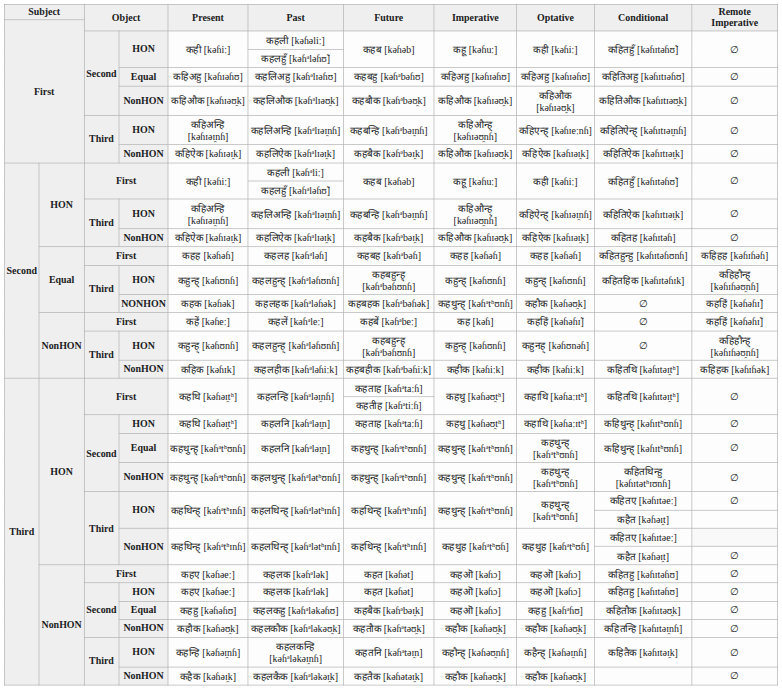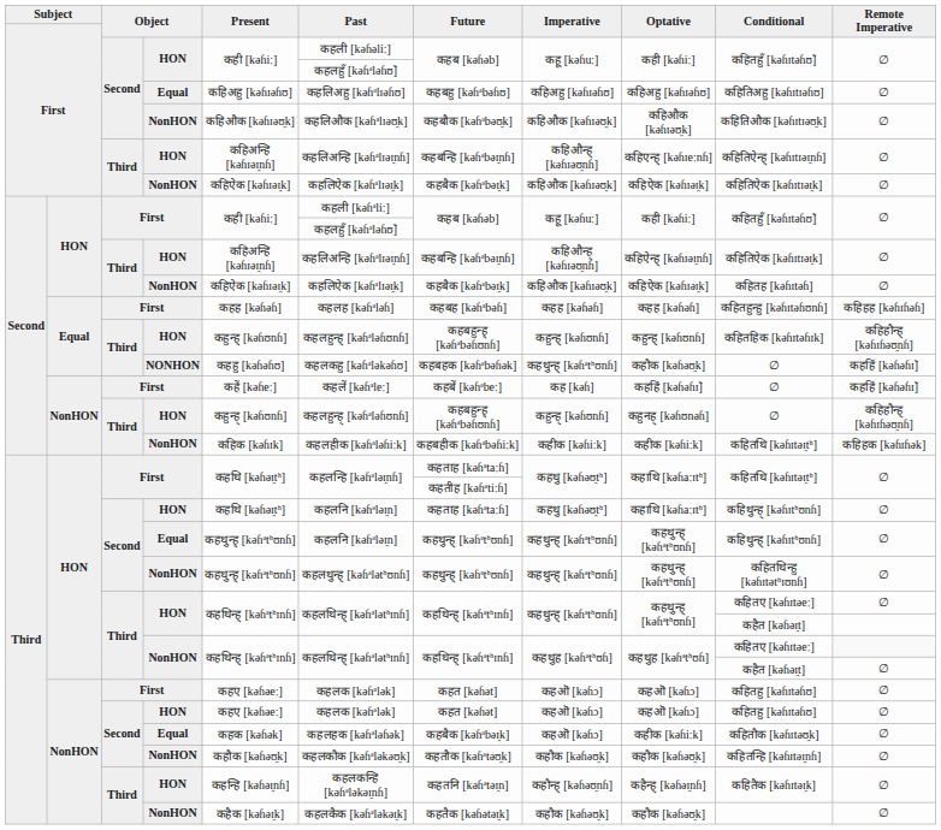 <table class="wikitable" style="text-align:center;">
 <tr style="font-weight:bold;">
 <th colspan="2" style="vertical-align:middle; background-color:#efefef; color:#202122;">Subject</th>
 <th rowspan="2" colspan="2" style="vertical-align:middle; background-color:#efefef; color:#202122;">Object</th>
 <th rowspan="2" style="vertical-align:middle; background-color:#efefef; color:#202122;">Present</th>
 <th rowspan="2" style="vertical-align:middle; background-color:#efefef; color:#202122;">Past</th>
 <th rowspan="2" style="vertical-align:middle; background-color:#efefef; color:#202122;">Future</th>
 <th rowspan="2" style="vertical-align:middle; background-color:#efefef; color:#202122;">Imperative</th>
 <th rowspan="2" style="vertical-align:middle; background-color:#efefef; color:#202122;">Optative</th>
 <th rowspan="2" style="vertical-align:middle; background-color:#efefef; color:#202122;">Conditional</th>
 <th rowspan="2" style="vertical-align:middle; background-color:#efefef; color:#202122;">Remote Imperative</th>
 </tr>
 <tr style="font-weight:bold;">
 <td rowspan="7" colspan="2" style="vertical-align:middle; background-color:#efefef; color:#202122;">First</td>
 </tr>
 <tr>
 <td rowspan="4" style="vertical-align:middle; font-weight:bold; background-color:#efefef; color:#202122;">Second</td>
 <td rowspan="2" style="vertical-align:middle; font-weight:bold; background-color:#efefef; color:#202122;">HON</td>
 <td rowspan="2" style="background-color:#FDFDFD; color:#202122;">कही [kəɦiː]</td>
 <td style="background-color:#FDFDFD; color:#202122;">कहली [kəɦəliː]</td>
 <td rowspan="2" style="background-color:#FDFDFD; color:#202122;">कहब [kəɦəb]</td>
 <td rowspan="2" style="background-color:#FDFDFD; color:#202122;">कहू [kəɦuː]</td>
 <td rowspan="2" style="background-color:#FDFDFD; color:#202122;">कही [kəɦiː]</td>
 <td rowspan="2" style="background-color:#FDFDFD; color:#202122;">कहितहुँ [kəɦɪtəɦʊ̃]</td>
 <td rowspan="2" style="vertical-align:middle; background-color:#FDFDFD; color:#202122;">∅</td>
 </tr>
 <tr>
 <td style="background-color:#FDFDFD; color:#202122;">कहलहुँ [kəɦᵊləɦʊ̃]</td>
 </tr>
 <tr>
 <td style="vertical-align:middle; font-weight:bold; background-color:#efefef; color:#202122;">Equal</td>
 <td style="background-color:#FDFDFD; color:#202122;">कहिअहु [kəɦɪəɦʊ]</td>
 <td style="background-color:#FDFDFD; color:#202122;">कहलिअहु [kəɦᵊlɪəɦʊ]</td>
 <td style="background-color:#FDFDFD; color:#202122;">कहबहु [kəɦᵊbəɦʊ]</td>
 <td style="background-color:#FDFDFD; color:#202122;">कहिअहु [kəɦɪəɦʊ]</td>
 <td style="background-color:#FDFDFD; color:#202122;">कहिअहु [kəɦɪəɦʊ]</td>
 <td style="background-color:#FDFDFD; color:#202122;">कहितिअहु [kəɦɪtɪəɦʊ]</td>
 <td style="vertical-align:middle; background-color:#FDFDFD; color:#202122;">∅</td>
 </tr>
 <tr>
 <td style="vertical-align:middle; font-weight:bold; background-color:#efefef; color:#202122;">NonHON</td>
 <td style="background-color:#FDFDFD; color:#202122;">कहिऔक [kəɦɪəʊ̯k]</td>
 <td style="background-color:#FDFDFD; color:#202122;">कहलिऔक [kəɦᵊlɪəʊ̯k]</td>
 <td style="background-color:#FDFDFD; color:#202122;">कहबौक [kəɦᵊbəʊ̯k]</td>
 <td style="background-color:#FDFDFD; color:#202122;">कहिऔक [kəɦɪəʊ̯k]</td>
 <td style="background-color:#FDFDFD; color:#202122;">कहिऔक [kəɦɪəʊ̯k]</td>
 <td style="background-color:#FDFDFD; color:#202122;">कहितिऔक [kəɦɪtɪəʊ̯k]</td>
 <td style="vertical-align:middle; background-color:#FDFDFD; color:#202122;">∅</td>
 </tr>
 <tr>
 <td rowspan="2" style="vertical-align:middle; font-weight:bold; background-color:#efefef; color:#202122;">Third</td>
 <td style="vertical-align:middle; font-weight:bold; background-color:#efefef; color:#202122;">HON</td>
 <td style="background-color:#FDFDFD; color:#202122;">कहिअन्हि [kəɦɪəɪ̯nɦ]</td>
 <td style="background-color:#FDFDFD; color:#202122;">कहलिअन्हि [kəɦᵊlɪəɪ̯nɦ]</td>
 <td style="background-color:#FDFDFD; color:#202122;">कहबन्हि [kəɦᵊbəɪ̯nɦ]</td>
 <td style="background-color:#FDFDFD; color:#202122;">कहिऔन्ह् [kəɦɪəʊ̯nɦ]</td>
 <td style="background-color:#FDFDFD; color:#202122;">कहिएन्ह् [kəɦɪeːnɦ]</td>
 <td style="background-color:#FDFDFD; color:#202122;">कहितिऐन्ह् [kəɦɪtɪəɪ̯nɦ]</td>
 <td style="vertical-align:middle; background-color:#FDFDFD; color:#202122;">∅</td>
 </tr>
 <tr>
 <td style="vertical-align:middle; font-weight:bold; background-color:#efefef; color:#202122;">NonHON</td>
 <td style="background-color:#FDFDFD; color:#202122;">कहिऐक [kəɦɪəɪ̯k]</td>
 <td style="background-color:#FDFDFD; color:#202122;">कहलिऐक [kəɦᵊlɪəɪ̯k]</td>
 <td style="background-color:#FDFDFD; color:#202122;">कहबैक [kəɦᵊbəɪ̯k]</td>
 <td style="background-color:#FDFDFD; color:#202122;">कहिऔक [kəɦɪəʊ̯k]</td>
 <td style="background-color:#FDFDFD; color:#202122;">कहिऐक [kəɦɪəɪ̯k]</td>
 <td style="background-color:#FDFDFD; color:#202122;">कहितिऐक [kəɦɪtɪəɪ̯k]</td>
 <td style="vertical-align:middle; background-color:#FDFDFD; color:#202122;">∅</td>
 </tr>
 <tr>
 <td rowspan="10" style="vertical-align:middle; font-weight:bold; background-color:#efefef; color:#202122;">Second</td>
 <td rowspan="4" style="vertical-align:middle; font-weight:bold; background-color:#efefef; color:#202122;">HON</td>
 <td rowspan="2" colspan="2" style="vertical-align:middle; font-weight:bold; background-color:#efefef; color:#202122;">First</td>
 <td rowspan="2" style="background-color:#FDFDFD; color:#202122;">कही [kəɦiː]</td>
 <td style="background-color:#FDFDFD; color:#202122;">कहली [kəɦᵊliː]</td>
 <td rowspan="2" style="background-color:#FDFDFD; color:#202122;">कहब [kəɦəb]</td>
 <td rowspan="2" style="background-color:#FDFDFD; color:#202122;">कहू [kəɦuː]</td>
 <td rowspan="2" style="background-color:#FDFDFD; color:#202122;">कही [kəɦiː]</td>
 <td rowspan="2" style="background-color:#FDFDFD; color:#202122;">कहितहुँ [kəɦɪtəɦʊ̃]</td>
 <td rowspan="2" style="vertical-align:middle; background-color:#FDFDFD; color:#202122;">∅</td>
 </tr>
 <tr>
 <td style="background-color:#FDFDFD; color:#202122;">कहलहुँ [kəɦᵊləɦʊ̃]</td>
 </tr>
 <tr>
 <td rowspan="2" style="vertical-align:middle; font-weight:bold; background-color:#efefef; color:#202122;">Third</td>
 <td style="vertical-align:middle; font-weight:bold; background-color:#efefef; color:#202122;">HON</td>
 <td style="background-color:#FDFDFD; color:#202122;">कहिअन्हि [kəɦɪəɪ̯nɦ]</td>
 <td style="background-color:#FDFDFD; color:#202122;">कहलिअन्हि [kəɦᵊlɪəɪ̯nɦ]</td>
 <td style="background-color:#FDFDFD; color:#202122;">कहबन्हि [kəɦᵊbəɪ̯nɦ]</td>
 <td style="background-color:#FDFDFD; color:#202122;">कहिऔन्ह् [kəɦɪəʊ̯nɦ]</td>
 <td style="background-color:#FDFDFD; color:#202122;">कहिऐन्ह् [kəɦɪəɪ̯nɦ]</td>
 <td style="background-color:#FDFDFD; color:#202122;">कहितिऐक [kəɦɪtɪəɪ̯k]</td>
 <td style="vertical-align:middle; background-color:#FDFDFD; color:#202122;">∅</td>
 </tr>
 <tr>
 <td style="vertical-align:middle; font-weight:bold; background-color:#efefef; color:#202122;">NonHON</td>
 <td style="background-color:#FDFDFD; color:#202122;">कहिऐक [kəɦɪəɪ̯k]</td>
 <td style="background-color:#FDFDFD; color:#202122;">कहलिऐक [kəɦᵊlɪəɪ̯k]</td>
 <td style="background-color:#FDFDFD; color:#202122;">कहबैक [kəɦᵊbəɪ̯k]</td>
 <td style="background-color:#FDFDFD; color:#202122;">कहिऔक [kəɦɪəʊ̯k]</td>
 <td style="background-color:#FDFDFD; color:#202122;">कहिऐक [kəɦɪəɪ̯k]</td>
 <td style="background-color:#FDFDFD; color:#202122;">कहितह [kəɦɪtəɦ]</td>
 <td style="vertical-align:middle; background-color:#FDFDFD; color:#202122;">∅</td>
 </tr>
 <tr>
 <td rowspan="3" style="vertical-align:middle; font-weight:bold; background-color:#efefef; color:#202122;">Equal</td>
 <td colspan="2" style="vertical-align:middle; font-weight:bold; background-color:#efefef; color:#202122;">First</td>
 <td style="background-color:#FDFDFD; color:#202122;">कहह [kəɦəɦ]</td>
 <td style="background-color:#FDFDFD; color:#202122;">कहलह [kəɦᵊləɦ]</td>
 <td style="background-color:#FDFDFD; color:#202122;">कहबह [kəɦᵊbəɦ]</td>
 <td style="background-color:#FDFDFD; color:#202122;">कहह [kəɦəɦ]</td>
 <td style="background-color:#FDFDFD; color:#202122;">कहह [kəɦəɦ]</td>
 <td style="background-color:#FDFDFD; color:#202122;">कहितहुन्हु [kəɦɪtəɦʊnɦ]</td>
 <td style="background-color:#FDFDFD; color:#202122;">कहिहह [kəɦɪɦəɦ]</td>
 </tr>
 <tr>
 <td rowspan="2" style="vertical-align:middle; font-weight:bold; background-color:#efefef; color:#202122;">Third</td>
 <td style="vertical-align:middle; font-weight:bold; background-color:#efefef; color:#202122;">HON</td>
 <td style="background-color:#FDFDFD; color:#202122;">कहुन्ह् [kəɦʊnɦ]</td>
 <td style="background-color:#FDFDFD; color:#202122;">कहलहुन्ह् [kəɦᵊləɦʊnɦ]</td>
 <td style="background-color:#FDFDFD; color:#202122;">कहबहुन्ह् [kəɦᵊbəɦʊnɦ]</td>
 <td style="background-color:#FDFDFD; color:#202122;">कहुन्ह् [kəɦʊnɦ]</td>
 <td style="background-color:#FDFDFD; color:#202122;">कहुन्ह् [kəɦʊnɦ]</td>
 <td style="background-color:#FDFDFD; color:#202122;">कहितहिक [kəɦɪtəɦɪk]</td>
 <td style="background-color:#FDFDFD; color:#202122;">कहिहौन्ह् [kəɦɪɦəʊ̯nɦ]</td>
 </tr>
 <tr>
 <td style="vertical-align:middle; font-weight:bold; background-color:#efefef; color:#202122;">NONHON</td>
-<td style="background-color:#FDFDFD; color:#202122;">कहक [kəɦək]</td>
-<td style="background-color:#FDFDFD; color:#202122;">कहलहक [kəɦᵊləɦək]</td>
+<td style="background-color:#FDFDFD; color:#202122;">कहहु [kəɦəɦʊ]</td>
+<td style="background-color:#FDFDFD; color:#202122;">कहलकहु [kəɦᵊləkəɦʊ]</td>
 <td style="background-color:#FDFDFD; color:#202122;">कहबहक [kəɦᵊbəɦək]</td>
 <td style="background-color:#FDFDFD; color:#202122;">कहथुन्ह् [kəɦᵊtʰʊnɦ]</td>
 <td style="background-color:#FDFDFD; color:#202122;">कहौक [kəɦəʊ̯k]</td>
 <td style="vertical-align:middle; background-color:#FDFDFD; color:#202122;">∅</td>
 <td style="background-color:#FDFDFD; color:#202122;">कह‍हिं [kəɦəɦɪ̃]</td>
 </tr>
 <tr>
 <td rowspan="3" style="vertical-align:middle; font-weight:bold; background-color:#efefef; color:#202122;">NonHON</td>
 <td colspan="2" style="vertical-align:middle; font-weight:bold; background-color:#efefef; color:#202122;">First</td>
 <td style="background-color:#FDFDFD; color:#202122;">कहें [kəɦeː]</td>
 <td style="background-color:#FDFDFD; color:#202122;">कहलें [kəɦᵊleː]</td>
 <td style="background-color:#FDFDFD; color:#202122;">कहबें [kəɦᵊbeː]</td>
 <td style="background-color:#FDFDFD; color:#202122;">कह [kəɦ]</td>
 <td style="background-color:#FDFDFD; color:#202122;">कह‍हिं [kəɦəɦɪ̃]</td>
 <td style="vertical-align:middle; background-color:#FDFDFD; color:#202122;">∅</td>
 <td style="background-color:#FDFDFD; color:#202122;">कह‍हिं [kəɦəɦɪ̃]</td>
 </tr>
 <tr>
 <td rowspan="2" style="vertical-align:middle; font-weight:bold; background-color:#efefef; color:#202122;">Third</td>
 <td style="vertical-align:middle; font-weight:bold; background-color:#efefef; color:#202122;">HON</td>
 <td style="background-color:#FDFDFD; color:#202122;">कहुन्ह् [kəɦʊnɦ]</td>
 <td style="background-color:#FDFDFD; color:#202122;">कहलहुन्ह् [kəɦᵊləɦʊnɦ]</td>
 <td style="background-color:#FDFDFD; color:#202122;">कहबहुन्ह् [kəɦᵊbəɦʊnɦ]</td>
 <td style="background-color:#FDFDFD; color:#202122;">कहुन्ह् [kəɦʊnɦ]</td>
 <td style="background-color:#FDFDFD; color:#202122;">कहुनह् [kəɦʊnəɦ]</td>
 <td style="vertical-align:middle; background-color:#FDFDFD; color:#202122;">∅</td>
 <td style="background-color:#FDFDFD; color:#202122;">कहिहौन्ह् [kəɦɪɦəʊ̯nɦ]</td>
 </tr>
 <tr>
 <td style="vertical-align:middle; font-weight:bold; background-color:#efefef; color:#202122;">NonHON</td>
 <td style="background-color:#FDFDFD; color:#202122;">कहिक [kəɦɪk]</td>
 <td style="background-color:#FDFDFD; color:#202122;">कहलहीक [kəɦᵊləɦiːk]</td>
 <td style="background-color:#FDFDFD; color:#202122;">कहबहीक [kəɦᵊbəɦiːk]</td>
 <td style="background-color:#FDFDFD; color:#202122;">कहीक [kəɦiːk]</td>
 <td style="background-color:#FDFDFD; color:#202122;">कहीक [kəɦiːk]</td>
 <td style="background-color:#FDFDFD; color:#202122;">कहितथि [kəɦɪtəɪ̯tʰ]</td>
 <td style="background-color:#FDFDFD; color:#202122;">कहिहक [kəɦɪɦək]</td>
 </tr>
 <tr>
 <td rowspan="15" style="vertical-align:middle; font-weight:bold; background-color:#efefef; color:#202122;">Third</td>
 <td rowspan="9" style="vertical-align:middle; font-weight:bold; background-color:#efefef; color:#202122;">HON</td>
 <td rowspan="2" colspan="2" style="vertical-align:middle; font-weight:bold; background-color:#efefef; color:#202122;">First</td>
 <td rowspan="2" style="background-color:#FDFDFD; color:#202122;">कह‍थि [kəɦəɪ̯tʰ]</td>
 <td rowspan="2" style="background-color:#FDFDFD; color:#202122;">कहलन्हि [kəɦᵊləɪ̯nɦ]</td>
 <td style="background-color:#FDFDFD; color:#202122;">कहताह [kəɦᵊtaːɦ]</td>
 <td rowspan="2" style="background-color:#FDFDFD; color:#202122;">कह‍थु [kəɦəʊ̯tʰ]</td>
 <td rowspan="2" style="background-color:#FDFDFD; color:#202122;">कहाथि [kəɦaːɪtʰ]</td>
 <td rowspan="2" style="background-color:#FDFDFD; color:#202122;">कहितथि [kəɦɪtəɪ̯tʰ]</td>
 <td rowspan="2" style="vertical-align:middle; background-color:#FDFDFD; color:#202122;">∅</td>
 </tr>
 <tr>
 <td style="background-color:#ffffff; color:#202122;">कहतीह [kəɦᵊtiːɦ]</td>
 </tr>
 <tr>
 <td rowspan="3" style="vertical-align:middle; font-weight:bold; background-color:#efefef; color:#202122;">Second</td>
 <td style="vertical-align:middle; font-weight:bold; background-color:#efefef; color:#202122;">HON</td>
 <td style="background-color:#FDFDFD; color:#202122;">कह‍थि [kəɦəɪ̯tʰ]</td>
 <td style="background-color:#FDFDFD; color:#202122;">कहलनि [kəɦᵊləɪ̯n]</td>
 <td style="background-color:#FDFDFD; color:#202122;">कहताह [kəɦᵊtaːɦ]</td>
 <td style="background-color:#FDFDFD; color:#202122;">कह‍थु [kəɦəʊ̯tʰ]</td>
 <td style="background-color:#FDFDFD; color:#202122;">कहाथि [kəɦaːɪtʰ]</td>
 <td style="background-color:#FDFDFD; color:#202122;">कहिथुन्ह् [kəɦɪtʰʊnɦ]</td>
 <td style="vertical-align:middle; background-color:#FDFDFD; color:#202122;">∅</td>
 </tr>
 <tr>
 <td style="vertical-align:middle; font-weight:bold; background-color:#efefef; color:#202122;">Equal</td>
 <td style="background-color:#FDFDFD; color:#202122;">कहथुन्ह् [kəɦᵊtʰʊnɦ]</td>
 <td style="background-color:#FDFDFD; color:#202122;">कहलनि [kəɦᵊləɪ̯n]</td>
 <td style="background-color:#FDFDFD; color:#202122;">कहथुन्ह् [kəɦᵊtʰʊnɦ]</td>
 <td style="background-color:#FDFDFD; color:#202122;">कहथुन्ह् [kəɦᵊtʰʊnɦ]</td>
 <td style="background-color:#FDFDFD; color:#202122;">कहथुन्ह् [kəɦᵊtʰʊnɦ]</td>
 <td style="background-color:#FDFDFD; color:#202122;">कहिथुन्ह् [kəɦɪtʰʊnɦ]</td>
 <td style="vertical-align:middle; background-color:#FDFDFD; color:#202122;">∅</td>
 </tr>
 <tr>
 <td style="vertical-align:middle; font-weight:bold; background-color:#efefef; color:#202122;">NonHON</td>
 <td style="background-color:#FDFDFD; color:#202122;">कहथुन्ह् [kəɦᵊtʰʊnɦ]</td>
 <td style="background-color:#FDFDFD; color:#202122;">कहलथुन्ह् [kəɦᵊlətʰʊnɦ]</td>
 <td style="background-color:#FDFDFD; color:#202122;">कहथुन्ह् [kəɦᵊtʰʊnɦ]</td>
 <td style="background-color:#FDFDFD; color:#202122;">कहथुन्ह् [kəɦᵊtʰʊnɦ]</td>
 <td style="background-color:#FDFDFD; color:#202122;">कहथुन्ह् [kəɦᵊtʰʊnɦ]</td>
 <td style="background-color:#FDFDFD; color:#202122;">कहितथिन्हु [kəɦɪtətʰɪʊnɦ]</td>
 <td style="vertical-align:middle; background-color:#FDFDFD; color:#202122;">∅</td>
 </tr>
 <tr>
 <td rowspan="4" style="vertical-align:middle; font-weight:bold; background-color:#efefef; color:#202122;">Third</td>
 <td rowspan="2" style="vertical-align:middle; font-weight:bold; background-color:#efefef; color:#202122;">HON</td>
 <td rowspan="2" style="background-color:#FDFDFD; color:#202122;">कहथिन्ह् [kəɦᵊtʰɪnɦ]</td>
 <td rowspan="2" style="background-color:#FDFDFD; color:#202122;">कहलथिन्ह् [kəɦᵊlətʰɪnɦ]</td>
 <td rowspan="2" style="background-color:#FDFDFD; color:#202122;">कहथिन्ह् [kəɦᵊtʰɪnɦ]</td>
 <td rowspan="2" style="background-color:#FDFDFD; color:#202122;">कहथुन्ह् [kəɦᵊtʰʊnɦ]</td>
 <td rowspan="2" style="background-color:#FDFDFD; color:#202122;">कहथुन्ह् [kəɦᵊtʰʊnɦ]</td>
 <td style="background-color:#FDFDFD; color:#202122;">कहितए [kəɦɪtəeː]</td>
 <td style="vertical-align:middle; background-color:#FDFDFD; color:#202122;">∅</td>
 </tr>
 <tr>
 <td style="background-color:#FDFDFD; color:#202122;">कहैत [kəɦəɪ̯t]</td>
 <td style="vertical-align:middle; background-color:#FDFDFD; color:#202122;"></td>
 </tr>
 <tr>
 <td rowspan="2" style="vertical-align:middle; font-weight:bold; background-color:#efefef; color:#202122;">NonHON</td>
 <td rowspan="2" style="background-color:#FDFDFD; color:#202122;">कहथिन्ह् [kəɦᵊtʰɪnɦ]</td>
 <td rowspan="2" style="background-color:#FDFDFD; color:#202122;">कहलथिन्ह् [kəɦᵊlətʰɪnɦ]</td>
 <td rowspan="2" style="background-color:#FDFDFD; color:#202122;">कहथिन्ह् [kəɦᵊtʰɪnɦ]</td>
 <td rowspan="2" style="background-color:#FDFDFD; color:#202122;">कहथुह [kəɦᵊtʰʊɦ]</td>
 <td rowspan="2" style="background-color:#FDFDFD; color:#202122;">कहथुह [kəɦᵊtʰʊɦ]</td>
 <td style="background-color:#FDFDFD; color:#202122;">कहितए [kəɦɪtəeː]</td>
 <td style="text-align:left;"></td>
 </tr>
 <tr style="background-color:#FDFDFD; color:#202122;">
 <td>कहैत [kəɦəɪ̯t]</td>
 <td style="vertical-align:middle;">∅</td>
 </tr>
 <tr>
 <td rowspan="6" style="vertical-align:middle; font-weight:bold; background-color:#efefef; color:#202122;">NonHON</td>
 <td colspan="2" style="vertical-align:middle; font-weight:bold; background-color:#efefef; color:#202122;">First</td>
 <td style="background-color:#FDFDFD; color:#202122;">कहए [kəɦəeː]</td>
 <td style="background-color:#FDFDFD; color:#202122;">कहलक [kəɦᵊlək]</td>
 <td style="background-color:#FDFDFD; color:#202122;">कहत [kəɦət]</td>
 <td style="background-color:#FDFDFD; color:#202122;">कहऒ [kəɦɔ]</td>
 <td style="background-color:#FDFDFD; color:#202122;">कहऒ [kəɦɔ]</td>
 <td style="background-color:#FDFDFD; color:#202122;">कहितहु [kəɦɪtəɦʊ]</td>
 <td style="vertical-align:middle; background-color:#FDFDFD; color:#202122;">∅</td>
 </tr>
 <tr>
 <td rowspan="3" style="vertical-align:middle; font-weight:bold; background-color:#efefef; color:#202122;">Second</td>
 <td style="vertical-align:middle; font-weight:bold; background-color:#efefef; color:#202122;">HON</td>
 <td style="background-color:#FDFDFD; color:#202122;">कहए [kəɦəeː]</td>
 <td style="background-color:#FDFDFD; color:#202122;">कहलक [kəɦᵊlək]</td>
 <td style="background-color:#FDFDFD; color:#202122;">कहत [kəɦət]</td>
 <td style="background-color:#FDFDFD; color:#202122;">कहऒ [kəɦɔ]</td>
 <td style="background-color:#FDFDFD; color:#202122;">कहऒ [kəɦɔ]</td>
 <td style="background-color:#FDFDFD; color:#202122;">कहितहु [kəɦɪtəɦʊ]</td>
 <td style="vertical-align:middle; background-color:#FDFDFD; color:#202122;">∅</td>
 </tr>
 <tr>
 <td style="vertical-align:middle; font-weight:bold; background-color:#efefef; color:#202122;">Equal</td>
-<td style="background-color:#FDFDFD; color:#202122;">कहहु [kəɦəɦʊ]</td>
-<td style="background-color:#FDFDFD; color:#202122;">कहलकहु [kəɦᵊləkəɦʊ]</td>
+<td style="background-color:#FDFDFD; color:#202122;">कहक [kəɦək]</td>
+<td style="background-color:#FDFDFD; color:#202122;">कहलहक [kəɦᵊləɦək]</td>
 <td style="background-color:#FDFDFD; color:#202122;">कहबैक [kəɦᵊbəɪ̯k]</td>
 <td style="background-color:#FDFDFD; color:#202122;">कहऒ [kəɦɔ]</td>
-<td style="background-color:#FDFDFD; color:#202122;">कहहु [kəɦᵊɦʊ]</td>
+<td style="background-color:#FDFDFD; color:#202122;">कहीक [kəɦiːk]</td>
 <td style="background-color:#FDFDFD; color:#202122;">कहितौक [kəɦɪtəʊ̯k]</td>
 <td style="vertical-align:middle; background-color:#FDFDFD; color:#202122;">∅</td>
 </tr>
 <tr>
 <td style="vertical-align:middle; font-weight:bold; background-color:#efefef; color:#202122;">NonHON</td>
 <td style="background-color:#FDFDFD; color:#202122;">कहौक [kəɦəʊ̯k]</td>
 <td style="background-color:#FDFDFD; color:#202122;">कहलकौक [kəɦᵊləkəʊ̯k]</td>
 <td style="background-color:#FDFDFD; color:#202122;">कहतौक [kəɦᵊtəʊ̯k]</td>
 <td style="background-color:#FDFDFD; color:#202122;">कहौक [kəɦəʊ̯k]</td>
 <td style="background-color:#FDFDFD; color:#202122;">कहौक [kəɦəʊ̯k]</td>
 <td style="background-color:#FDFDFD; color:#202122;">कहितन्हि [kəɦɪtəɪ̯nɦ]</td>
 <td style="vertical-align:middle; background-color:#FDFDFD; color:#202122;">∅</td>
 </tr>
 <tr>
 <td rowspan="2" style="vertical-align:middle; font-weight:bold; background-color:#efefef; color:#202122;">Third</td>
 <td style="vertical-align:middle; font-weight:bold; background-color:#efefef; color:#202122;">HON</td>
 <td style="background-color:#FDFDFD; color:#202122;">कहन्हि [kəɦəɪ̯nɦ]</td>
 <td style="background-color:#FDFDFD; color:#202122;">कहलकन्हि [kəɦᵊləkəɪ̯nɦ]</td>
 <td style="background-color:#FDFDFD; color:#202122;">कहतनि [kəɦᵊtəɪ̯n]</td>
 <td style="background-color:#FDFDFD; color:#202122;">कहौन्ह् [kəɦəʊ̯nɦ]</td>
 <td style="background-color:#FDFDFD; color:#202122;">कहैन्ह् [kəɦəɪ̯nɦ]</td>
 <td style="background-color:#FDFDFD; color:#202122;">कहितैक [kəɦɪtəɪ̯k]</td>
 <td style="vertical-align:middle; background-color:#FDFDFD; color:#202122;">∅</td>
 </tr>
 <tr>
 <td style="vertical-align:middle; font-weight:bold; background-color:#efefef; color:#202122;">NonHON</td>
 <td style="background-color:#FDFDFD; color:#202122;">कहैक [kəɦəɪ̯k]</td>
 <td style="background-color:#FDFDFD; color:#202122;">कहलकैक [kəɦᵊləkəɪ̯k]</td>
 <td style="background-color:#FDFDFD; color:#202122;">कहतैक [kəɦətəɪ̯k]</td>
 <td style="background-color:#FDFDFD; color:#202122;">कहौक [kəɦəʊ̯k]</td>
 <td style="background-color:#FDFDFD; color:#202122;">कहौक [kəɦəʊ̯k]</td>
 <td style="vertical-align:middle; background-color:#FDFDFD; color:#202122;"></td>
 <td style="vertical-align:middle; background-color:#FDFDFD; color:#202122;">∅</td>
 </tr>
 </table>
